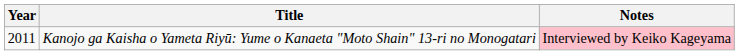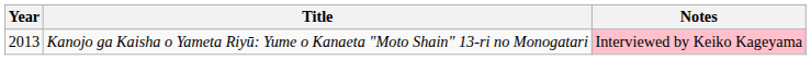 <table class="wikitable">
 <tr>
 <th>Year</th>
 <th>Title</th>
 <th>Notes</th>
 </tr>
 <tr>
-<td>2011</td>
+<td>2013</td>
 <td><em>Kanojo ga Kaisha o Yameta Riyū: Yume o Kanaeta "Moto Shain" 13-ri no Monogatari</em></td>
 <td style="background: pink;">Interviewed by Keiko Kageyama</td>
 </tr>
 </table>
